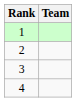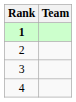 <table class="wikitable" style="text-align:center">
 <tr>
 <th width=40>Rank</th>
 <th>Team</th>
 </tr>
 <tr bgcolor=#ccffcc>
-<td>1</td>
+<td><strong>1</strong></td>
 <td style="text-align:left"></td>
 </tr>
 <tr>
 <td>2</td>
 <td style="text-align:left"></td>
 </tr>
 <tr>
 <td>3</td>
 <td style="text-align:left"></td>
 </tr>
 <tr>
 <td>4</td>
 <td style="text-align:left"></td>
 </tr>
 </table>
